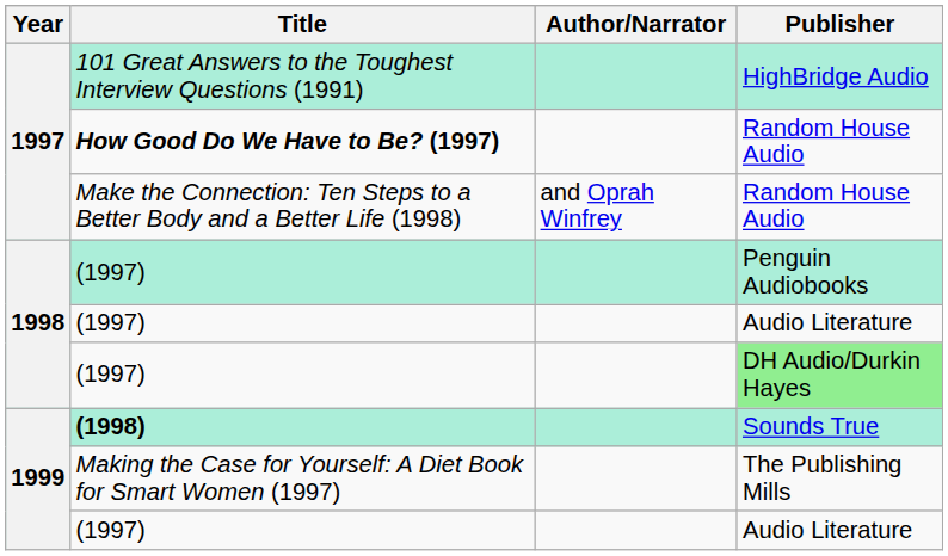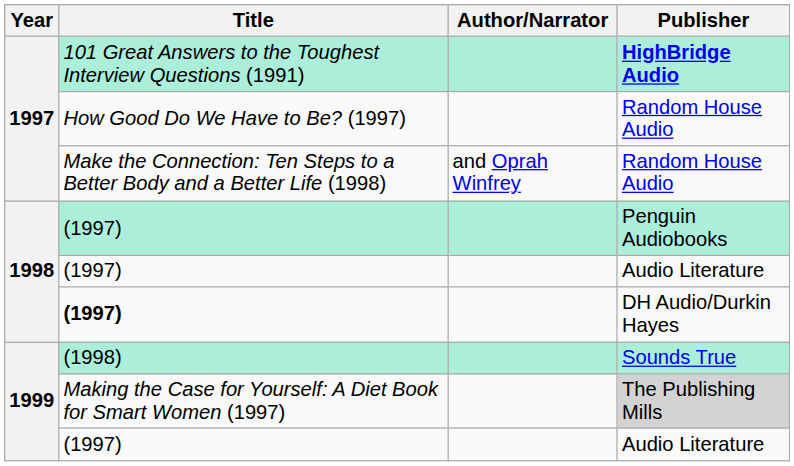 <table class="wikitable sortable mw-collapsible" style="width:100%">
 <tr bgcolor="#bebebe">
 <th scope=“col” width=“4%”>Year</th>
 <th scope=“col” width=“32%”>Title</th>
 <th scope=“col” width=“32%”>Author/Narrator</th>
 <th scope=“col” width=“32%”>Publisher</th>
 </tr>
 <tr style=background:#ABEED9>
 <th rowspan="3">1997<br></th>
 <td><em>101 Great Answers to the Toughest Interview Questions</em> (1991)</td>
 <td></td>
-<td><a href='#'>HighBridge Audio</a></td>
+<td><strong><a href='#'>HighBridge Audio</a></strong></td>
 </tr>
 <tr>
-<td><strong><em>How Good Do We Have to Be?</em> (1997)</strong></td>
+<td><em>How Good Do We Have to Be?</em> (1997)</td>
 <td></td>
 <td><a href='#'>Random House Audio</a></td>
 </tr>
 <tr>
 <td><em>Make the Connection: Ten Steps to a Better Body and a Better Life</em> (1998)</td>
 <td> and <a href='#'>Oprah Winfrey</a></td>
 <td><a href='#'>Random House Audio</a></td>
 </tr>
 <tr style=background:#ABEED9>
 <th rowspan="3">1998<br></th>
 <td> (1997)</td>
 <td></td>
 <td>Penguin Audiobooks</td>
 </tr>
 <tr>
 <td> (1997)</td>
 <td></td>
 <td>Audio Literature</td>
 </tr>
 <tr>
-<td> (1997)</td>
+<td><strong> (1997)</strong></td>
 <td></td>
-<td style="background: lightgreen;">DH Audio/Durkin Hayes</td>
+<td>DH Audio/Durkin Hayes</td>
 </tr>
 <tr style=background:#ABEED9>
 <th rowspan="3">1999<br></th>
-<td><strong> (1998)</strong></td>
+<td> (1998)</td>
 <td></td>
 <td><a href='#'>Sounds True</a></td>
 </tr>
 <tr>
 <td><em>Making the Case for Yourself: A Diet Book for Smart Women</em> (1997)</td>
 <td></td>
-<td>The Publishing Mills</td>
+<td style="background: lightgrey;">The Publishing Mills</td>
 </tr>
 <tr>
 <td> (1997)</td>
 <td></td>
 <td>Audio Literature</td>
 </tr>
 </table>
